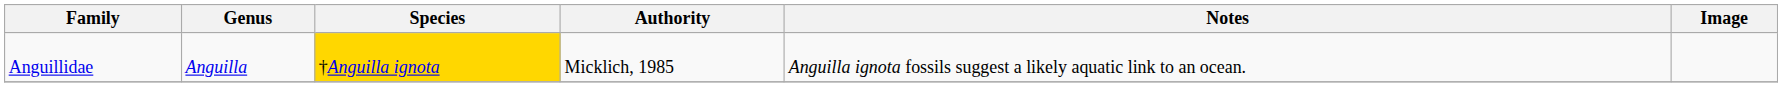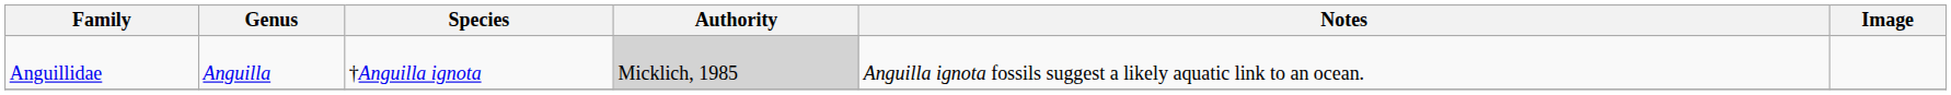 <table class="wikitable" align="center" width="100%">
 <tr>
 <th>Family</th>
 <th>Genus</th>
 <th>Species</th>
 <th>Authority</th>
 <th>Notes</th>
 <th>Image</th>
 </tr>
 <tr>
 <td><br><a href='#'>Anguillidae</a></td>
 <td><br><em><a href='#'>Anguilla</a></em></td>
-<td style="background: gold;"><br>†<em><a href='#'>Anguilla ignota</a></em></td>
-<td><br>Micklich, 1985</td>
+<td><br>†<em><a href='#'>Anguilla ignota</a></em></td>
+<td style="background: lightgrey;"><br>Micklich, 1985</td>
 <td><br><em>Anguilla ignota</em> fossils suggest a likely aquatic link to an ocean.</td>
 <td><br></td>
 </tr>
 <tr>
 </tr>
 </table>
